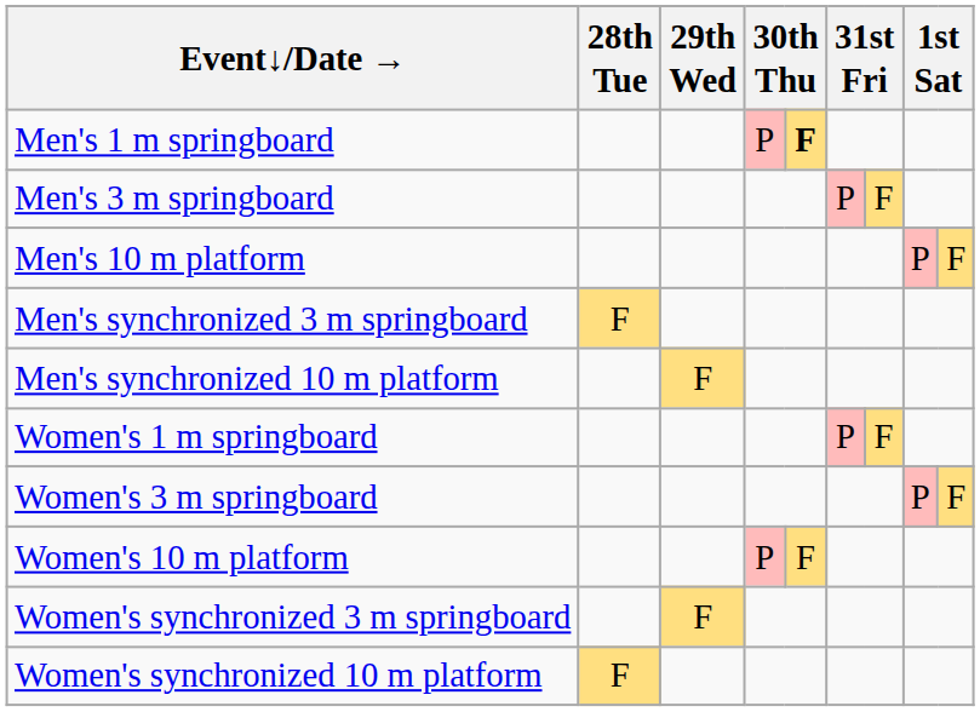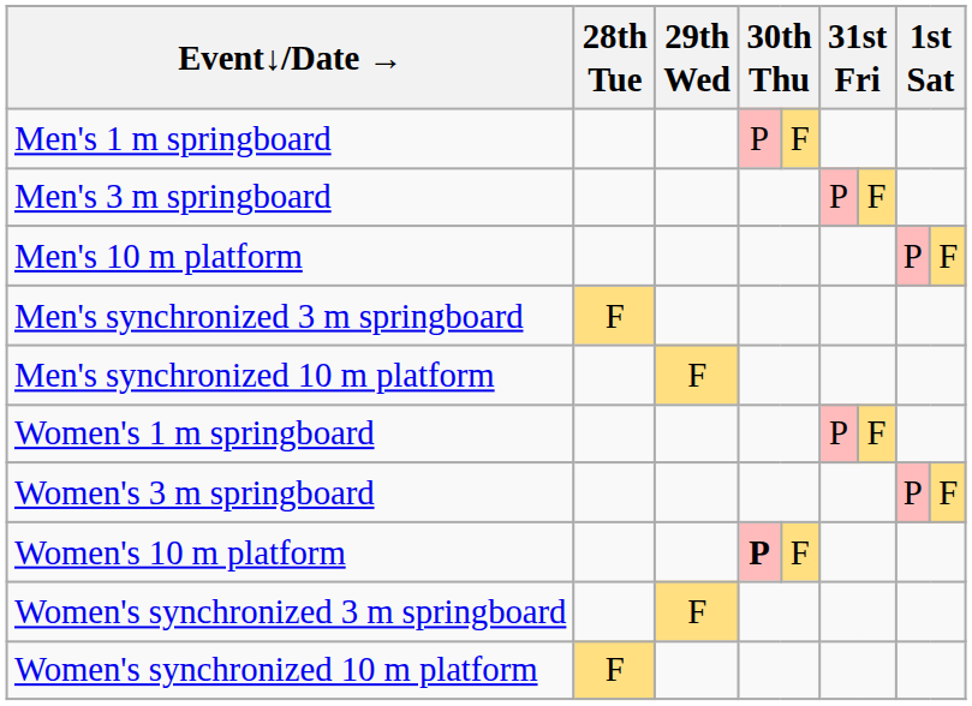 <table class="wikitable" style="margin:0.5em auto; font-size:90%; line-height:1.25em; text-align:center;">
 <tr>
 <th>Event↓/Date →</th>
 <th>28th<br>Tue</th>
 <th>29th<br>Wed</th>
 <th colspan=2>30th<br>Thu</th>
 <th colspan=2>31st<br>Fri</th>
 <th colspan=2>1st<br>Sat</th>
 </tr>
 <tr>
 <td align="left"><a href='#'>Men's 1 m springboard</a></td>
 <td></td>
 <td></td>
 <td bgcolor="#FFBBBB">P</td>
-<td bgcolor="#FFDF80"><strong>F</strong></td>
+<td bgcolor="#FFDF80">F</td>
 <td colspan=2></td>
 <td colspan=2></td>
 </tr>
 <tr>
 <td align="left"><a href='#'>Men's 3 m springboard</a></td>
 <td></td>
 <td></td>
 <td colspan=2></td>
 <td bgcolor="#FFBBBB">P</td>
 <td bgcolor="#FFDF80">F</td>
 <td colspan=2></td>
 </tr>
 <tr>
 <td align="left"><a href='#'>Men's 10 m platform</a></td>
 <td></td>
 <td></td>
 <td colspan=2></td>
 <td colspan=2></td>
 <td bgcolor="#FFBBBB">P</td>
 <td bgcolor="#FFDF80">F</td>
 </tr>
 <tr>
 <td align="left"><a href='#'>Men's synchronized 3 m springboard</a></td>
 <td bgcolor="#FFDF80">F</td>
 <td></td>
 <td colspan=2></td>
 <td colspan=2></td>
 <td colspan=2></td>
 </tr>
 <tr>
 <td align="left"><a href='#'>Men's synchronized 10 m platform</a></td>
 <td></td>
 <td bgcolor="#FFDF80">F</td>
 <td colspan=2></td>
 <td colspan=2></td>
 <td colspan=2></td>
 </tr>
 <tr>
 <td align="left"><a href='#'>Women's 1 m springboard</a></td>
 <td></td>
 <td></td>
 <td colspan=2></td>
 <td bgcolor="#FFBBBB">P</td>
 <td bgcolor="#FFDF80">F</td>
 <td colspan=2></td>
 </tr>
 <tr>
 <td align="left"><a href='#'>Women's 3 m springboard</a></td>
 <td></td>
 <td></td>
 <td colspan=2></td>
 <td colspan=2></td>
 <td bgcolor="#FFBBBB">P</td>
 <td bgcolor="#FFDF80">F</td>
 </tr>
 <tr>
 <td align="left"><a href='#'>Women's 10 m platform</a></td>
 <td></td>
 <td></td>
-<td bgcolor="#FFBBBB">P</td>
+<td bgcolor="#FFBBBB"><strong>P</strong></td>
 <td bgcolor="#FFDF80">F</td>
 <td colspan=2></td>
 <td colspan=2></td>
 </tr>
 <tr>
 <td align="left"><a href='#'>Women's synchronized 3 m springboard</a></td>
 <td></td>
 <td bgcolor="#FFDF80">F</td>
 <td colspan=2></td>
 <td colspan=2></td>
 <td colspan=2></td>
 </tr>
 <tr>
 <td align="left"><a href='#'>Women's synchronized 10 m platform</a></td>
 <td bgcolor="#FFDF80">F</td>
 <td></td>
 <td colspan=2></td>
 <td colspan=2></td>
 <td colspan=2></td>
 </tr>
 </table>
